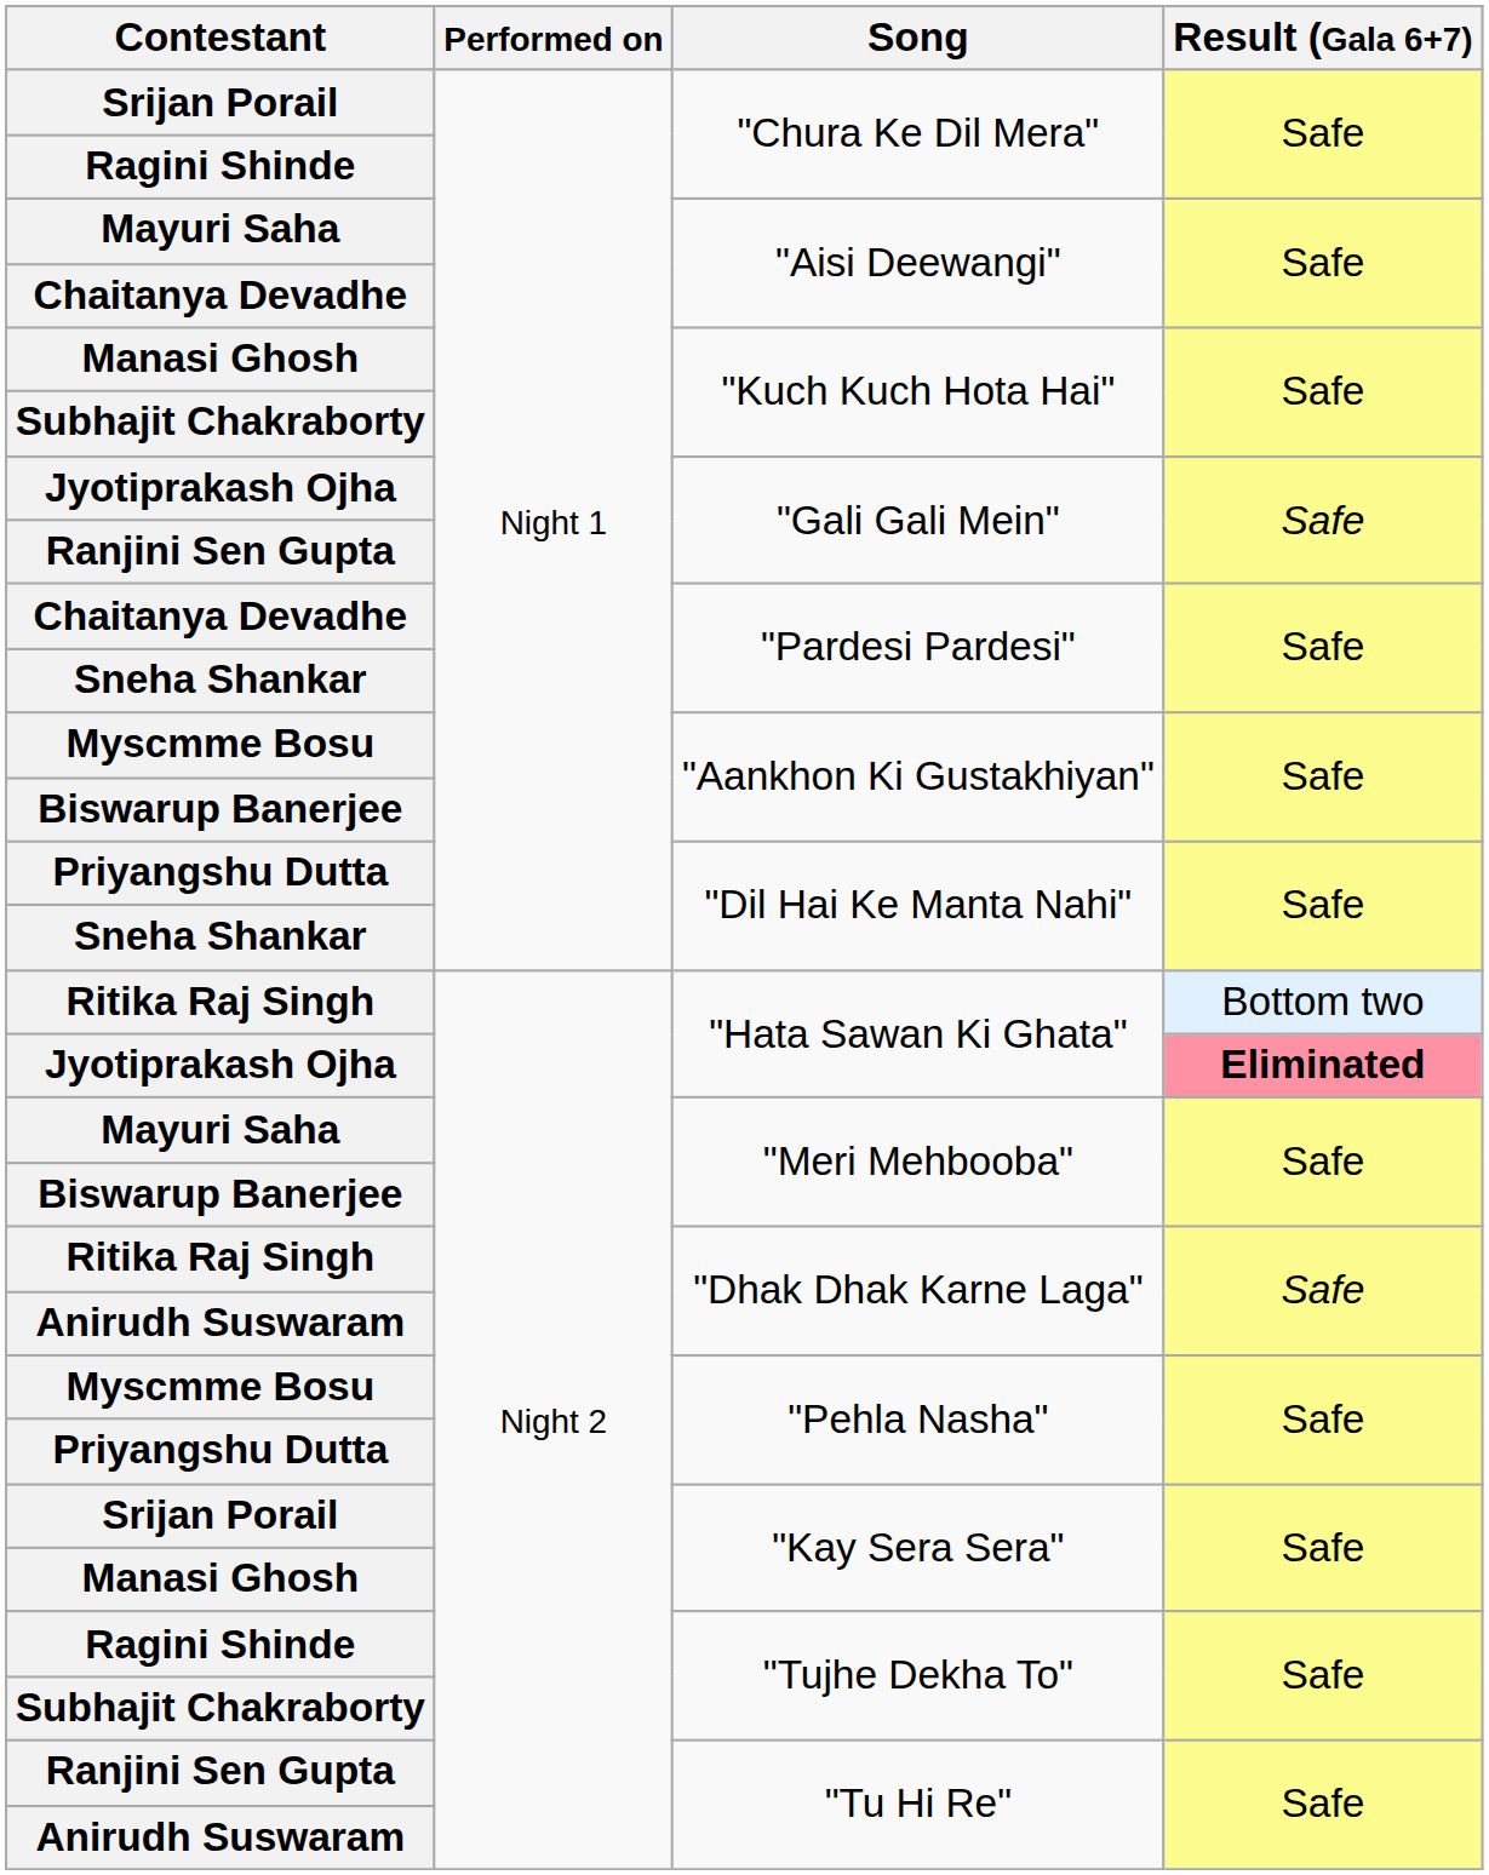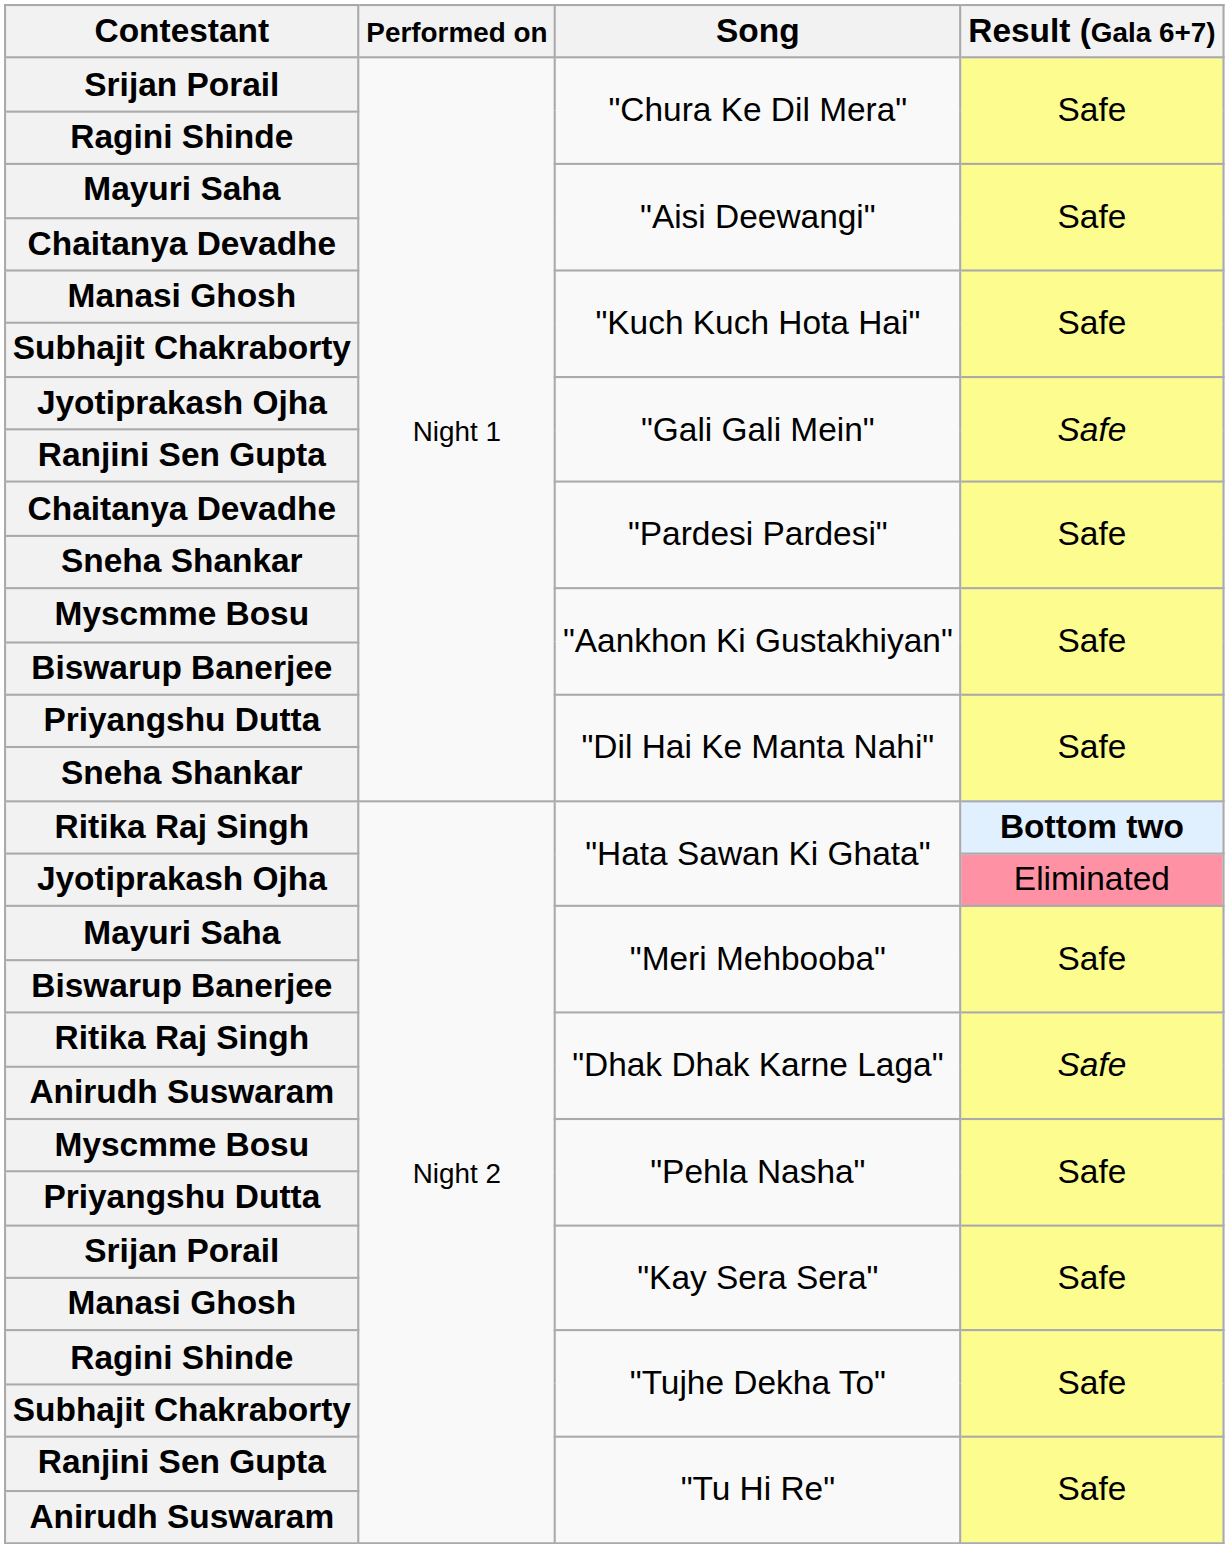 <table class="wikitable unsortable" style="text-align:center;">
 <tr>
 <th scope="col">Contestant</th>
 <th><small>Performed on</small></th>
 <th scope="col">Song</th>
 <th>Result (<small>Gala 6+7)</small></th>
 </tr>
 <tr>
 <th>Srijan Porail</th>
 <td rowspan="14"><small>Night 1</small></td>
 <td rowspan="2">"Chura Ke Dil Mera"</td>
 <td rowspan="2" style="background:#FDFC8F;">Safe</td>
 </tr>
 <tr>
 <th>Ragini Shinde</th>
 </tr>
 <tr>
 <th>Mayuri Saha</th>
 <td rowspan="2">"Aisi Deewangi"</td>
 <td rowspan="2" style="background:#FDFC8F;">Safe</td>
 </tr>
 <tr>
 <th>Chaitanya Devadhe</th>
 </tr>
 <tr>
 <th>Manasi Ghosh</th>
 <td rowspan="2">"Kuch Kuch Hota Hai"</td>
 <td rowspan="2" style="background:#FDFC8F;">Safe</td>
 </tr>
 <tr>
 <th>Subhajit Chakraborty</th>
 </tr>
 <tr>
 <th>Jyotiprakash Ojha</th>
 <td rowspan="2">"Gali Gali Mein"</td>
 <td rowspan="2" style="background:#FDFC8F;"><em>Safe</em></td>
 </tr>
 <tr>
 <th>Ranjini Sen Gupta</th>
 </tr>
 <tr>
 <th>Chaitanya Devadhe</th>
 <td rowspan="2">"Pardesi Pardesi"</td>
 <td rowspan="2" style="background:#FDFC8F;">Safe</td>
 </tr>
 <tr>
 <th>Sneha Shankar</th>
 </tr>
 <tr>
 <th>Myscmme Bosu</th>
 <td rowspan="2">"Aankhon Ki Gustakhiyan"</td>
 <td rowspan="2" style="background:#FDFC8F;">Safe</td>
 </tr>
 <tr>
 <th>Biswarup Banerjee</th>
 </tr>
 <tr>
 <th>Priyangshu Dutta</th>
 <td rowspan="2">"Dil Hai Ke Manta Nahi"</td>
 <td rowspan="2" style="background:#FDFC8F;">Safe</td>
 </tr>
 <tr>
 <th>Sneha Shankar</th>
 </tr>
 <tr>
 <th>Ritika Raj Singh</th>
 <td rowspan="14"><small>Night 2</small></td>
 <td rowspan="2">"Hata Sawan Ki Ghata"</td>
-<td style="background:#e0f0ff;">Bottom two</td>
+<td style="background:#e0f0ff;"><strong>Bottom two</strong></td>
 </tr>
 <tr>
 <th>Jyotiprakash Ojha</th>
-<td style="background:#FF91A4;"><strong>Eliminated</strong></td>
+<td style="background:#FF91A4;">Eliminated</td>
 </tr>
 <tr>
 <th>Mayuri Saha</th>
 <td rowspan="2">"Meri Mehbooba"</td>
 <td rowspan="2" style="background:#FDFC8F;">Safe</td>
 </tr>
 <tr>
 <th>Biswarup Banerjee</th>
 </tr>
 <tr>
 <th>Ritika Raj Singh</th>
 <td rowspan="2">"Dhak Dhak Karne Laga"</td>
 <td rowspan="2" style="background:#FDFC8F;"><em>Safe</em></td>
 </tr>
 <tr>
 <th>Anirudh Suswaram</th>
 </tr>
 <tr>
 <th>Myscmme Bosu</th>
 <td rowspan="2">"Pehla Nasha"</td>
 <td rowspan="2" style="background:#FDFC8F;">Safe</td>
 </tr>
 <tr>
 <th>Priyangshu Dutta</th>
 </tr>
 <tr>
 <th>Srijan Porail</th>
 <td rowspan="2">"Kay Sera Sera"</td>
 <td rowspan="2" style="background:#FDFC8F;">Safe</td>
 </tr>
 <tr>
 <th>Manasi Ghosh</th>
 </tr>
 <tr>
 <th>Ragini Shinde</th>
 <td rowspan="2">"Tujhe Dekha To"</td>
 <td rowspan="2" style="background:#FDFC8F;">Safe</td>
 </tr>
 <tr>
 <th>Subhajit Chakraborty</th>
 </tr>
 <tr>
 <th>Ranjini Sen Gupta</th>
 <td rowspan="2">"Tu Hi Re"</td>
 <td rowspan="2" style="background:#FDFC8F;">Safe</td>
 </tr>
 <tr>
 <th>Anirudh Suswaram</th>
 </tr>
 </table>
